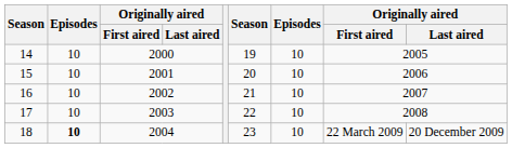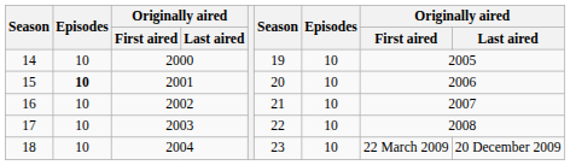 <table class="wikitable" style="text-align:center;">
 <tr>
 <th rowspan="2">Season</th>
 <th rowspan="2">Episodes</th>
 <th colspan="2">Originally aired</th>
 <th rowspan="7"></th>
 <th rowspan="2">Season</th>
 <th rowspan="2">Episodes</th>
 <th colspan="2">Originally aired</th>
 </tr>
 <tr>
 <th>First aired</th>
 <th>Last aired</th>
 <th>First aired</th>
 <th>Last aired</th>
 </tr>
 <tr>
 <td>14</td>
 <td>10</td>
 <td colspan="2">2000</td>
 <td>19</td>
 <td>10</td>
 <td colspan="2">2005</td>
 </tr>
 <tr>
 <td>15</td>
-<td>10</td>
+<td><strong>10</strong></td>
 <td colspan="2">2001</td>
 <td>20</td>
 <td>10</td>
 <td colspan="2">2006</td>
 </tr>
 <tr>
 <td>16</td>
 <td>10</td>
 <td colspan="2">2002</td>
 <td>21</td>
 <td>10</td>
 <td colspan="2">2007</td>
 </tr>
 <tr>
 <td>17</td>
 <td>10</td>
 <td colspan="2">2003</td>
 <td>22</td>
 <td>10</td>
 <td colspan="2">2008</td>
 </tr>
 <tr>
 <td>18</td>
-<td><strong>10</strong></td>
+<td>10</td>
 <td colspan="2">2004</td>
 <td>23</td>
 <td>10</td>
 <td>22 March 2009</td>
 <td>20 December 2009</td>
 </tr>
 </table>
